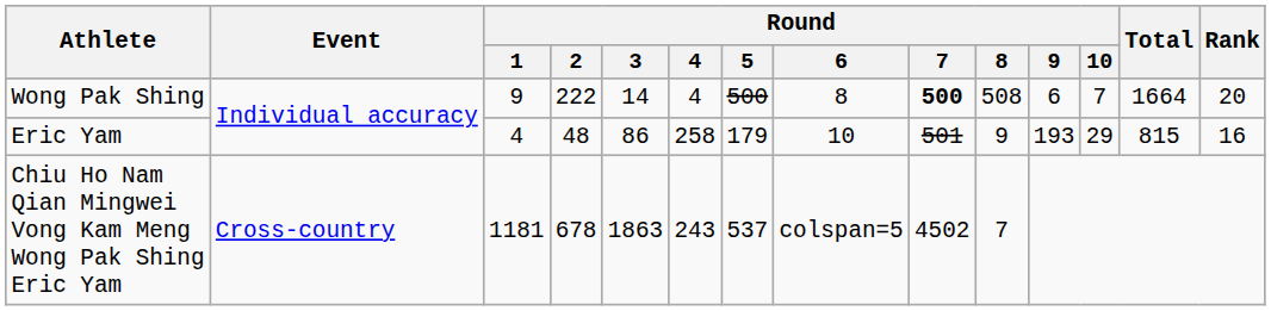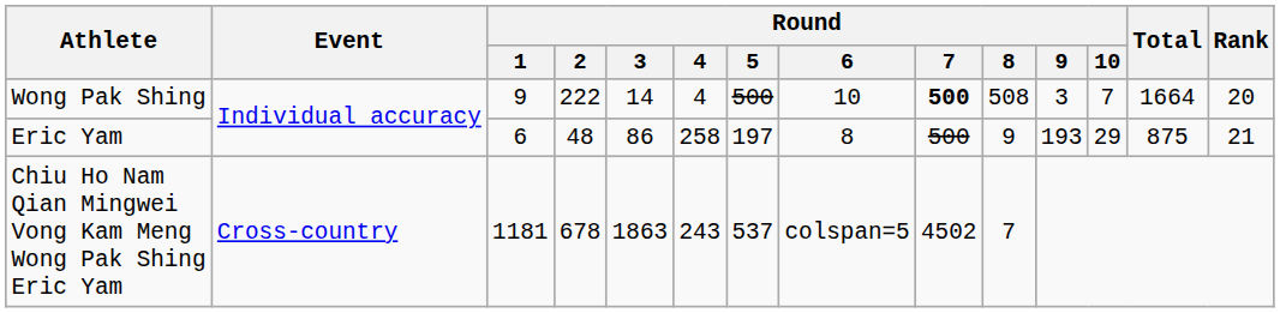 <table class=wikitable style=font-size:90%;text-align:center>
 <tr>
 <th rowspan="2">Athlete</th>
 <th rowspan="2">Event</th>
 <th colspan=10>Round</th>
 <th rowspan=2>Total</th>
 <th rowspan=2>Rank</th>
 </tr>
 <tr style="font-size:95%">
 <th>1</th>
 <th>2</th>
 <th>3</th>
 <th>4</th>
 <th>5</th>
 <th>6</th>
 <th>7</th>
 <th>8</th>
 <th>9</th>
 <th>10</th>
 </tr>
 <tr>
 <td align=left>Wong Pak Shing</td>
 <td align=left rowspan=2><a href='#'>Individual accuracy</a></td>
 <td>9</td>
 <td>222</td>
 <td>14</td>
 <td>4</td>
 <td><s>500</s></td>
-<td>8</td>
+<td>10</td>
 <td><strong>500</strong></td>
 <td>508</td>
-<td>6</td>
+<td>3</td>
 <td>7</td>
 <td>1664</td>
 <td>20</td>
 </tr>
 <tr>
 <td align=left>Eric Yam</td>
-<td>4</td>
+<td>6</td>
 <td>48</td>
 <td>86</td>
 <td>258</td>
-<td>179</td>
-<td>10</td>
-<td><s>501</s></td>
+<td>197</td>
+<td>8</td>
+<td><s>500</s></td>
 <td>9</td>
 <td>193</td>
 <td>29</td>
-<td>815</td>
-<td>16</td>
+<td>875</td>
+<td>21</td>
 </tr>
 <tr>
 <td align=left>Chiu Ho Nam<br>Qian Mingwei<br>Vong Kam Meng<br>Wong Pak Shing<br>Eric Yam</td>
 <td align=left><a href='#'>Cross-country</a></td>
 <td>1181</td>
 <td>678</td>
 <td>1863</td>
 <td>243</td>
 <td>537</td>
 <td>colspan=5 </td>
 <td>4502</td>
 <td>7</td>
 </tr>
 </table>
